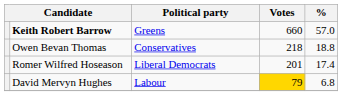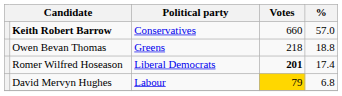 <table class="wikitable">
 <tr>
 <th valign=top colspan="2" style="width: 180px">Candidate</th>
 <th valign=top style="width: 180px">Political party</th>
 <th valign=top style="width: 60px">Votes</th>
 <th valign=top style="width: 40px">%</th>
 </tr>
 <tr>
 <th style="background-color: "></th>
 <td><strong>Keith Robert Barrow</strong></td>
-<td><a href='#'>Greens</a></td>
+<td><a href='#'>Conservatives</a></td>
 <td align="right">660</td>
 <td align="right">57.0</td>
 </tr>
 <tr>
 <th style="background-color: "></th>
 <td>Owen Bevan Thomas</td>
-<td><a href='#'>Conservatives</a></td>
+<td><a href='#'>Greens</a></td>
 <td align="right">218</td>
 <td align="right">18.8</td>
 </tr>
 <tr>
 <th style="background-color: "></th>
 <td>Romer Wilfred Hoseason</td>
 <td><a href='#'>Liberal Democrats</a></td>
-<td align="right">201</td>
+<td align="right"><strong>201</strong></td>
 <td align="right">17.4</td>
 </tr>
 <tr>
 <th style="background-color: "></th>
 <td>David Mervyn Hughes</td>
 <td><a href='#'>Labour</a></td>
 <td align="right" style="background: gold;">79</td>
 <td align="right">6.8</td>
 </tr>
 <tr>
 </tr>
 </table>
